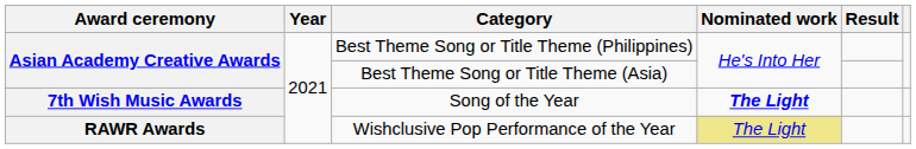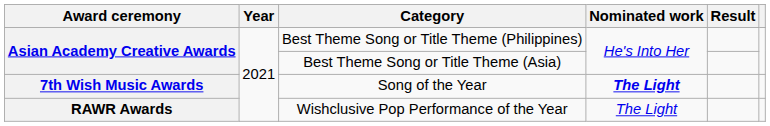 <table class="wikitable sortable">
 <tr>
 <th>Award ceremony</th>
 <th>Year</th>
 <th>Category</th>
 <th>Nominated work</th>
 <th>Result</th>
 <th></th>
 </tr>
 <tr>
 <th scope="row" rowspan="2"><a href='#'>Asian Academy Creative Awards</a></th>
 <td rowspan="4" align="center">2021</td>
 <td align="center">Best Theme Song or Title Theme (Philippines)</td>
 <td rowspan="2 "align="center"><em><a href='#'>He's Into Her</a></em></td>
 <td></td>
 <td rowspan="2" align="center"></td>
 </tr>
 <tr>
 <td align="center">Best Theme Song or Title Theme (Asia)</td>
 <td></td>
 </tr>
 <tr>
 <th scope="row"><a href='#'>7th Wish Music Awards</a></th>
 <td align="center">Song of the Year</td>
 <td align=center><strong><em><a href='#'>The Light</a></em></strong></td>
 <td></td>
 <td style="text-align:center"></td>
 </tr>
 <tr>
 <th scope="row">RAWR Awards</th>
 <td align="center">Wishclusive Pop Performance of the Year</td>
-<td align=center style="background: khaki;"><em><a href='#'>The Light</a></em></td>
+<td align=center><em><a href='#'>The Light</a></em></td>
 <td></td>
 <td style="text-align:center"></td>
 </tr>
 </table>
